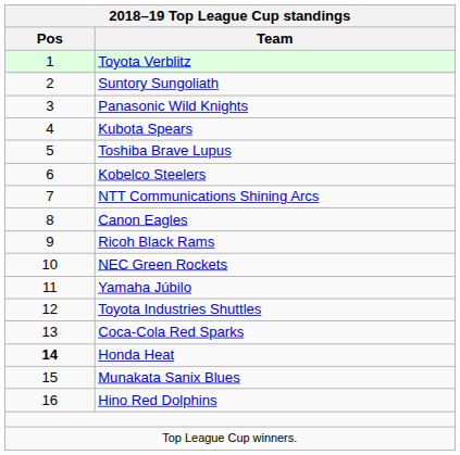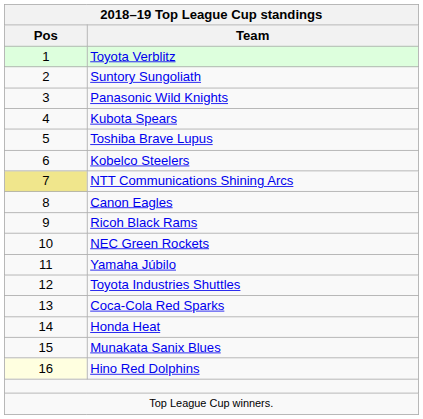 <table class="wikitable" style="text-align:center; font-size:100%; width:40%;">
 <tr>
 <th colspan="100%" cellpadding="0" cellspacing="0"><strong>2018–19 Top League Cup standings</strong></th>
 </tr>
 <tr>
 <th style="width:20%;">Pos</th>
 <th style="width:80%;">Team</th>
 </tr>
 <tr style="background:#DDFFDD;">
 <td>1</td>
 <td style="text-align:left;"><a href='#'>Toyota Verblitz</a></td>
 </tr>
 <tr>
 <td>2</td>
 <td style="text-align:left;"><a href='#'>Suntory Sungoliath</a></td>
 </tr>
 <tr>
 <td>3</td>
 <td style="text-align:left;"><a href='#'>Panasonic Wild Knights</a></td>
 </tr>
 <tr>
 <td>4</td>
 <td style="text-align:left;"><a href='#'>Kubota Spears</a></td>
 </tr>
 <tr>
 <td>5</td>
 <td style="text-align:left;"><a href='#'>Toshiba Brave Lupus</a></td>
 </tr>
 <tr>
 <td>6</td>
 <td style="text-align:left;"><a href='#'>Kobelco Steelers</a></td>
 </tr>
 <tr>
-<td>7</td>
+<td style="background: khaki;">7</td>
 <td style="text-align:left;"><a href='#'>NTT Communications Shining Arcs</a></td>
 </tr>
 <tr>
 <td>8</td>
 <td style="text-align:left;"><a href='#'>Canon Eagles</a></td>
 </tr>
 <tr>
 <td>9</td>
 <td style="text-align:left;"><a href='#'>Ricoh Black Rams</a></td>
 </tr>
 <tr>
 <td>10</td>
 <td style="text-align:left;"><a href='#'>NEC Green Rockets</a></td>
 </tr>
 <tr>
 <td>11</td>
 <td style="text-align:left;"><a href='#'>Yamaha Júbilo</a></td>
 </tr>
 <tr>
 <td>12</td>
 <td style="text-align:left;"><a href='#'>Toyota Industries Shuttles</a></td>
 </tr>
 <tr>
 <td>13</td>
 <td style="text-align:left;"><a href='#'>Coca-Cola Red Sparks</a></td>
 </tr>
 <tr>
-<td><strong>14</strong></td>
+<td>14</td>
 <td style="text-align:left;"><a href='#'>Honda Heat</a></td>
 </tr>
 <tr>
 <td>15</td>
 <td style="text-align:left;"><a href='#'>Munakata Sanix Blues</a></td>
 </tr>
 <tr>
-<td>16</td>
+<td style="background: lightyellow;">16</td>
 <td style="text-align:left;"><a href='#'>Hino Red Dolphins</a></td>
 </tr>
 <tr>
 <td colspan="100%" style="height:10px;"></td>
 </tr>
 <tr>
 <td colspan="100%"><small><span>Top League Cup winners.</span></small></td>
 </tr>
 </table>
